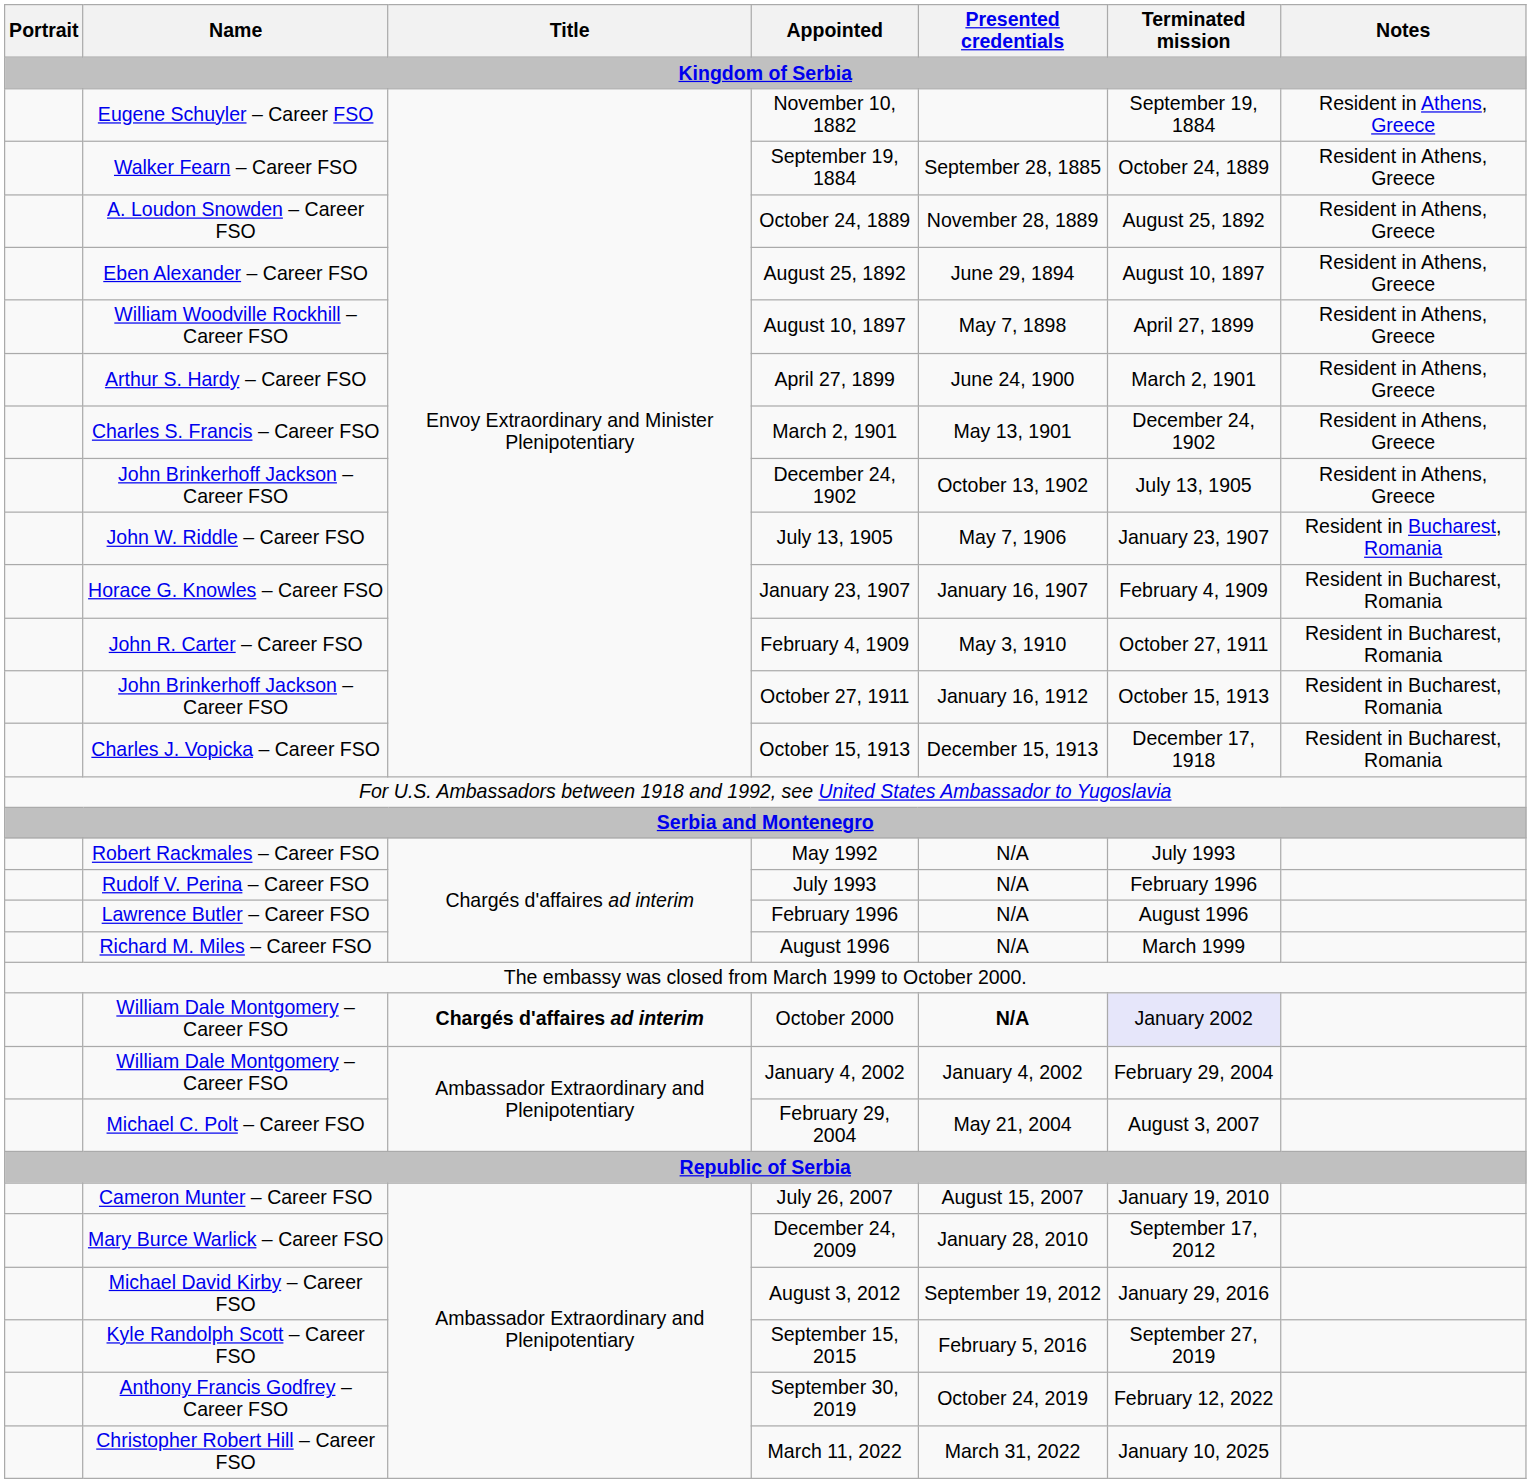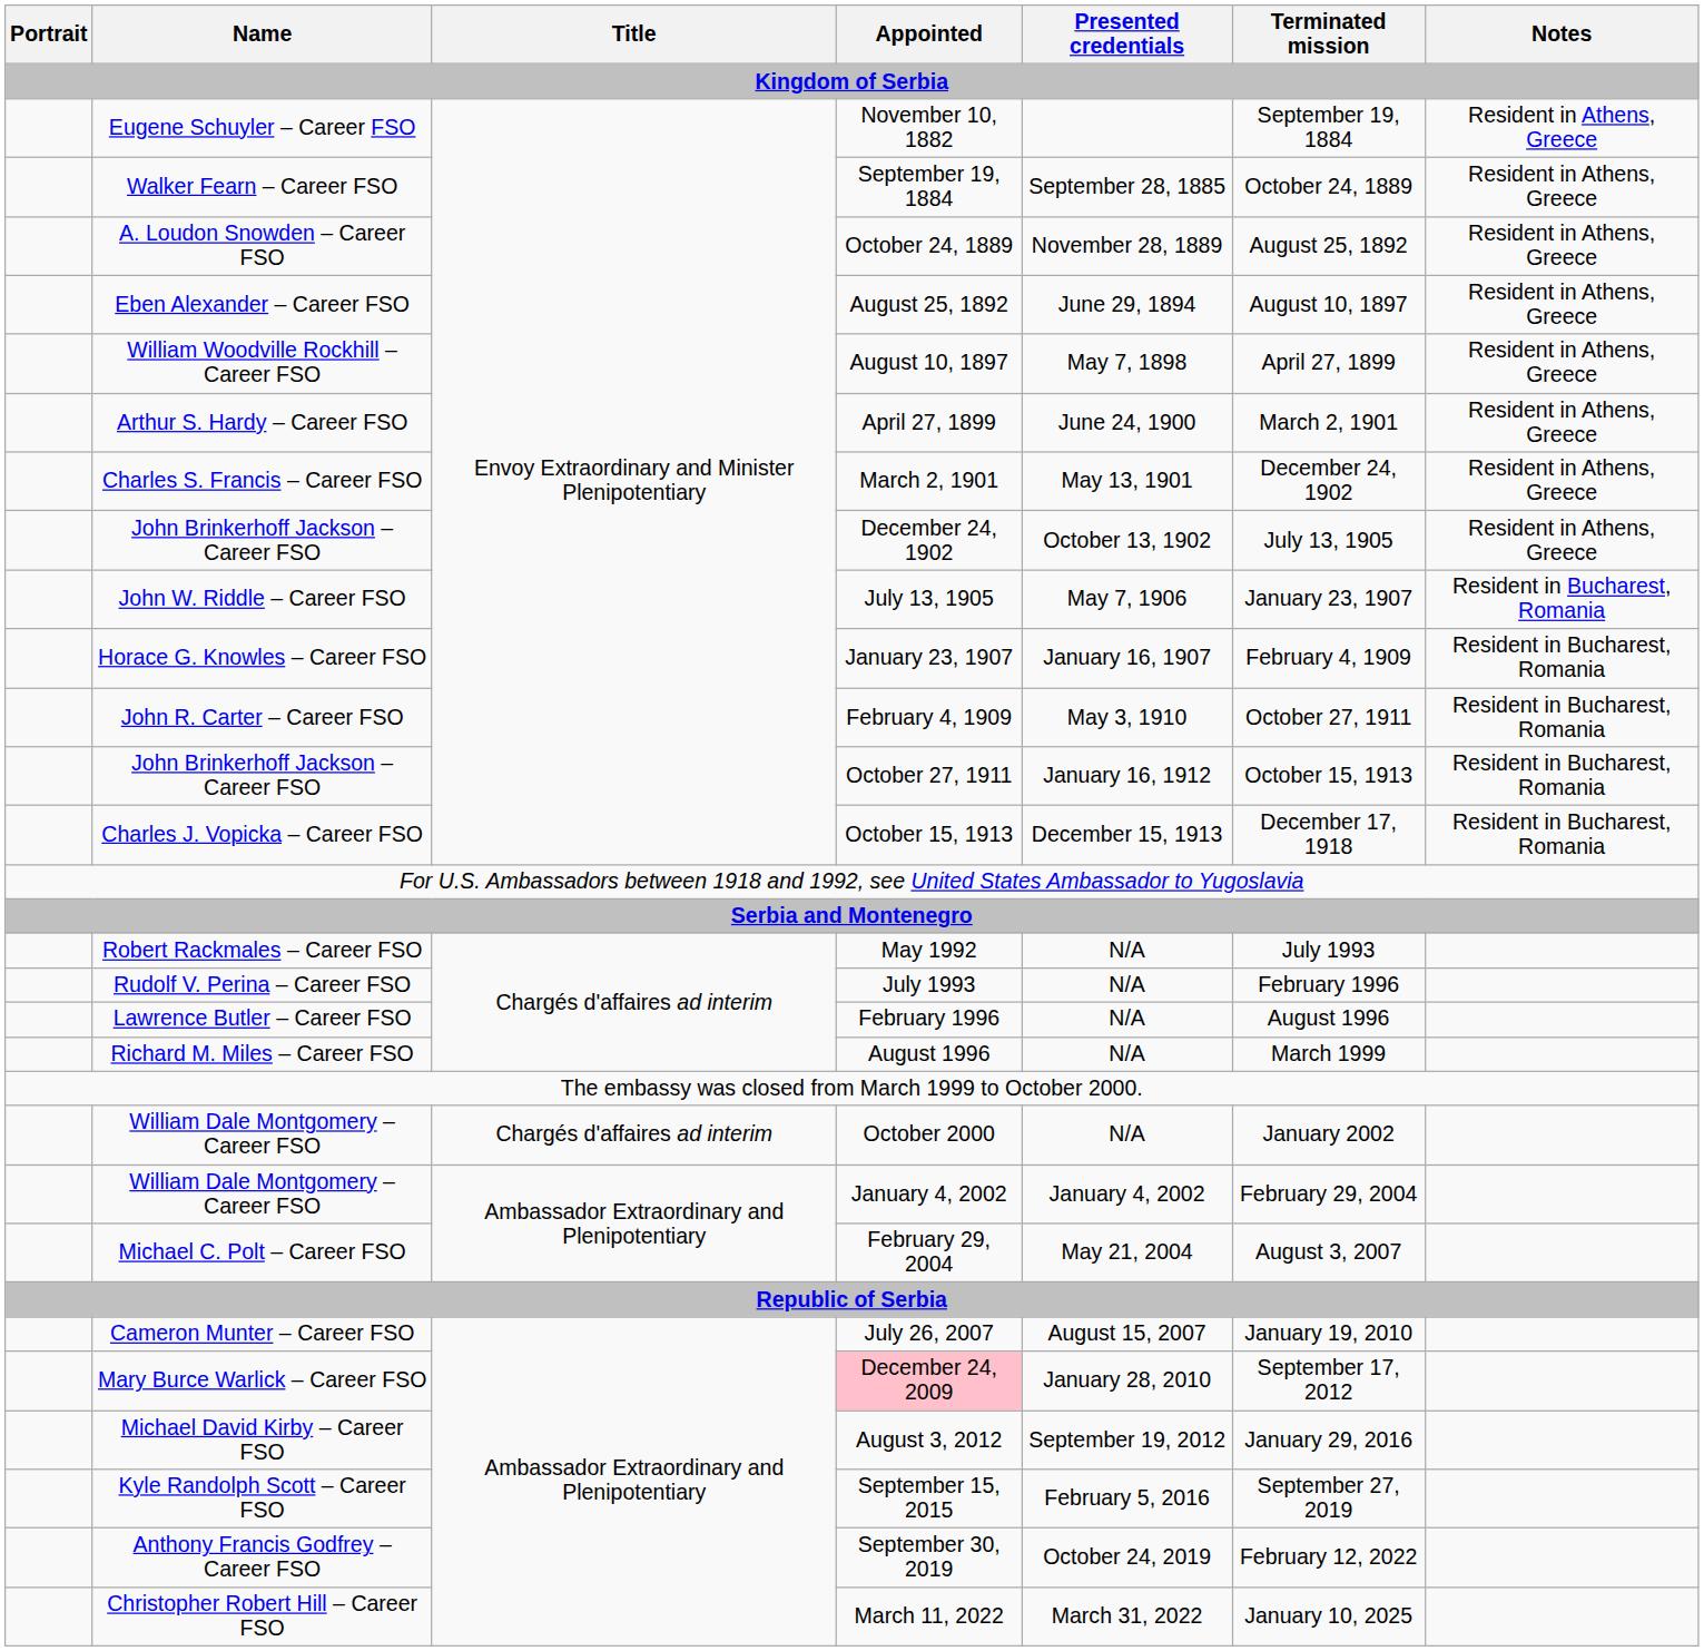 <table class="wikitable" style="text-align:center;">
 <tr>
 <th>Portrait</th>
 <th>Name</th>
 <th>Title</th>
 <th>Appointed</th>
 <th><a href='#'>Presented credentials</a></th>
 <th>Terminated mission</th>
 <th>Notes</th>
 </tr>
 <tr>
 <td colspan="7" style="background: silver;"><strong><a href='#'>Kingdom of Serbia</a></strong></td>
 </tr>
 <tr>
 <td></td>
 <td><a href='#'>Eugene Schuyler</a> – Career <a href='#'>FSO</a></td>
 <td rowspan="13">Envoy Extraordinary and Minister Plenipotentiary</td>
 <td>November 10, 1882</td>
 <td></td>
 <td>September 19, 1884</td>
 <td>Resident in <a href='#'>Athens</a>, <a href='#'>Greece</a></td>
 </tr>
 <tr>
 <td></td>
 <td><a href='#'>Walker Fearn</a> – Career FSO</td>
 <td>September 19, 1884</td>
 <td>September 28, 1885</td>
 <td>October 24, 1889</td>
 <td>Resident in Athens, Greece</td>
 </tr>
 <tr>
 <td></td>
 <td><a href='#'>A. Loudon Snowden</a> – Career FSO</td>
 <td>October 24, 1889</td>
 <td>November 28, 1889</td>
 <td>August 25, 1892</td>
 <td>Resident in Athens, Greece</td>
 </tr>
 <tr>
 <td></td>
 <td><a href='#'>Eben Alexander</a> – Career FSO</td>
 <td>August 25, 1892</td>
 <td>June 29, 1894</td>
 <td>August 10, 1897</td>
 <td>Resident in Athens, Greece</td>
 </tr>
 <tr>
 <td></td>
 <td><a href='#'>William Woodville Rockhill</a> – Career FSO</td>
 <td>August 10, 1897</td>
 <td>May 7, 1898</td>
 <td>April 27, 1899</td>
 <td>Resident in Athens, Greece</td>
 </tr>
 <tr>
 <td></td>
 <td><a href='#'>Arthur S. Hardy</a> – Career FSO</td>
 <td>April 27, 1899</td>
 <td>June 24, 1900</td>
 <td>March 2, 1901</td>
 <td>Resident in Athens, Greece</td>
 </tr>
 <tr>
 <td></td>
 <td><a href='#'>Charles S. Francis</a> – Career FSO</td>
 <td>March 2, 1901</td>
 <td>May 13, 1901</td>
 <td>December 24, 1902</td>
 <td>Resident in Athens, Greece</td>
 </tr>
 <tr>
 <td></td>
 <td><a href='#'>John Brinkerhoff Jackson</a> – Career FSO</td>
 <td>December 24, 1902</td>
 <td>October 13, 1902</td>
 <td>July 13, 1905</td>
 <td>Resident in Athens, Greece</td>
 </tr>
 <tr>
 <td></td>
 <td><a href='#'>John W. Riddle</a> – Career FSO</td>
 <td>July 13, 1905</td>
 <td>May 7, 1906</td>
 <td>January 23, 1907</td>
 <td>Resident in <a href='#'>Bucharest</a>, <a href='#'>Romania</a></td>
 </tr>
 <tr>
 <td></td>
 <td><a href='#'>Horace G. Knowles</a> – Career FSO</td>
 <td>January 23, 1907</td>
 <td>January 16, 1907</td>
 <td>February 4, 1909</td>
 <td>Resident in Bucharest, Romania</td>
 </tr>
 <tr>
 <td></td>
 <td><a href='#'>John R. Carter</a> – Career FSO</td>
 <td>February 4, 1909</td>
 <td>May 3, 1910</td>
 <td>October 27, 1911</td>
 <td>Resident in Bucharest, Romania</td>
 </tr>
 <tr>
 <td></td>
 <td><a href='#'>John Brinkerhoff Jackson</a> – Career FSO</td>
 <td>October 27, 1911</td>
 <td>January 16, 1912</td>
 <td>October 15, 1913</td>
 <td>Resident in Bucharest, Romania</td>
 </tr>
 <tr>
 <td></td>
 <td><a href='#'>Charles J. Vopicka</a> – Career FSO</td>
 <td>October 15, 1913</td>
 <td>December 15, 1913</td>
 <td>December 17, 1918</td>
 <td>Resident in Bucharest, Romania</td>
 </tr>
 <tr>
 <td colspan="7" style="background: ;"><em>For U.S. Ambassadors between 1918 and 1992, see <a href='#'>United States Ambassador to Yugoslavia</a></em></td>
 </tr>
 <tr>
 <td colspan="7" style="background: silver;"><strong><a href='#'>Serbia and Montenegro</a></strong><br></td>
 </tr>
 <tr>
 <td></td>
 <td><a href='#'>Robert Rackmales</a> – Career FSO</td>
 <td rowspan="4">Chargés d'affaires <em>ad interim</em></td>
 <td>May 1992</td>
 <td>N/A</td>
 <td>July 1993</td>
 <td></td>
 </tr>
 <tr>
 <td></td>
 <td><a href='#'>Rudolf V. Perina</a> – Career FSO</td>
 <td>July 1993</td>
 <td>N/A</td>
 <td>February 1996</td>
 <td></td>
 </tr>
 <tr>
 <td></td>
 <td><a href='#'>Lawrence Butler</a> – Career FSO</td>
 <td>February 1996</td>
 <td>N/A</td>
 <td>August 1996</td>
 <td></td>
 </tr>
 <tr>
 <td></td>
 <td><a href='#'>Richard M. Miles</a> – Career FSO</td>
 <td>August 1996</td>
 <td>N/A</td>
 <td>March 1999</td>
 <td></td>
 </tr>
 <tr>
 <td colspan="7" style="background: ;">The embassy was closed from March 1999 to October 2000.</td>
 </tr>
 <tr>
 <td></td>
 <td><a href='#'>William Dale Montgomery</a> – Career FSO</td>
-<td><strong>Chargés d'affaires <em>ad interim</em></strong></td>
+<td>Chargés d'affaires <em>ad interim</em></td>
 <td>October 2000</td>
-<td><strong>N/A</strong></td>
-<td style="background: lavender;">January 2002</td>
+<td>N/A</td>
+<td>January 2002</td>
 <td></td>
 </tr>
 <tr>
 <td></td>
 <td><a href='#'>William Dale Montgomery</a> – Career FSO</td>
 <td rowspan="2">Ambassador Extraordinary and Plenipotentiary</td>
 <td>January 4, 2002</td>
 <td>January 4, 2002</td>
 <td>February 29, 2004</td>
 <td></td>
 </tr>
 <tr>
 <td></td>
 <td><a href='#'>Michael C. Polt</a> – Career FSO</td>
 <td>February 29, 2004</td>
 <td>May 21, 2004</td>
 <td>August 3, 2007</td>
 <td></td>
 </tr>
 <tr>
 <td colspan="7" style="background: silver;"><strong><a href='#'>Republic of Serbia</a></strong></td>
 </tr>
 <tr>
 <td></td>
 <td><a href='#'>Cameron Munter</a> – Career FSO</td>
 <td rowspan="6">Ambassador Extraordinary and Plenipotentiary</td>
 <td>July 26, 2007</td>
 <td>August 15, 2007</td>
 <td>January 19, 2010</td>
 <td></td>
 </tr>
 <tr>
 <td></td>
 <td><a href='#'>Mary Burce Warlick</a> – Career FSO</td>
-<td>December 24, 2009</td>
+<td style="background: pink;">December 24, 2009</td>
 <td>January 28, 2010</td>
 <td>September 17, 2012</td>
 <td></td>
 </tr>
 <tr>
 <td></td>
 <td><a href='#'>Michael David Kirby</a> – Career FSO</td>
 <td>August 3, 2012</td>
 <td>September 19, 2012</td>
 <td>January 29, 2016</td>
 <td></td>
 </tr>
 <tr>
 <td></td>
 <td><a href='#'>Kyle Randolph Scott</a> – Career FSO</td>
 <td>September 15, 2015</td>
 <td>February 5, 2016</td>
 <td>September 27, 2019</td>
 <td></td>
 </tr>
 <tr>
 <td></td>
 <td><a href='#'>Anthony Francis Godfrey</a> – Career FSO</td>
 <td>September 30, 2019</td>
 <td>October 24, 2019</td>
 <td>February 12, 2022</td>
 <td></td>
 </tr>
 <tr>
 <td></td>
 <td><a href='#'>Christopher Robert Hill</a> – Career FSO</td>
 <td>March 11, 2022</td>
 <td>March 31, 2022</td>
 <td>January 10, 2025</td>
 <td></td>
 </tr>
 </table>
